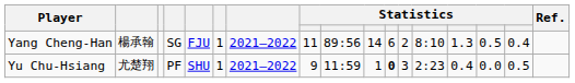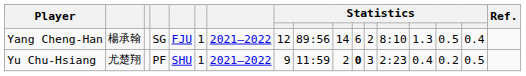 <table class="wikitable sortable" style="font-size:95%; text-align:right;">
 <tr>
 <th rowspan="2">Player</th>
 <th rowspan="2"></th>
 <th rowspan="2"></th>
 <th rowspan="2"></th>
 <th rowspan="2"></th>
 <th rowspan="2"></th>
 <th rowspan="2"></th>
 <th colspan="9">Statistics</th>
 <th rowspan="2">Ref.</th>
 </tr>
 <tr>
 <th></th>
 <th></th>
 <th></th>
 <th></th>
 <th></th>
 <th></th>
 <th></th>
 <th></th>
 <th></th>
 </tr>
 <tr>
 <td align="left">Yang Cheng-Han</td>
 <td align="left">楊承翰</td>
 <td align="center"></td>
 <td align="center">SG</td>
 <td align="left"><a href='#'>FJU</a></td>
 <td align="center">1</td>
 <td align="center"><a href='#'>2021–2022</a></td>
-<td>11</td>
+<td>12</td>
 <td>89:56</td>
 <td>14</td>
 <td>6</td>
 <td>2</td>
 <td>8:10</td>
 <td>1.3</td>
 <td>0.5</td>
 <td>0.4</td>
 <td align="center"></td>
 </tr>
 <tr>
 <td align="left">Yu Chu-Hsiang</td>
 <td align="left">尤楚翔</td>
 <td align="center"></td>
 <td align="center">PF</td>
 <td align="left"><a href='#'>SHU</a></td>
 <td align="center">1</td>
 <td align="center"><a href='#'>2021–2022</a></td>
 <td>9</td>
 <td>11:59</td>
-<td>1</td>
+<td>2</td>
 <td><strong>0</strong></td>
 <td>3</td>
 <td>2:23</td>
 <td>0.4</td>
-<td>0.0</td>
+<td>0.2</td>
 <td>0.5</td>
 <td align="center"></td>
 </tr>
 </table>
